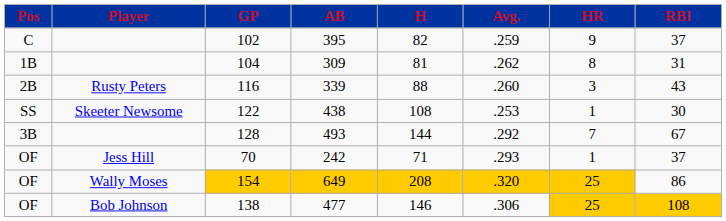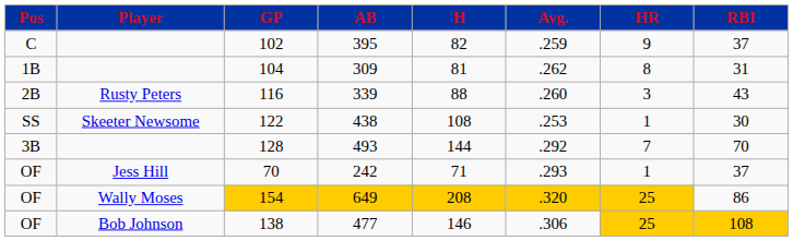 <table class="wikitable sortable">
 <tr>
 <th style="background:#0033A0;color:#C8102E;" width="5%">Pos</th>
 <th style="background:#0033A0;color:#C8102E;" width="16%">Player</th>
 <th style="background:#0033A0;color:#C8102E;" width="9%">GP</th>
 <th style="background:#0033A0;color:#C8102E;" width="9%">AB</th>
 <th style="background:#0033A0;color:#C8102E;" width="9%">H</th>
 <th style="background:#0033A0;color:#C8102E;" width="9%">Avg.</th>
 <th style="background:#0033A0;color:#C8102E;" width="9%">HR</th>
 <th style="background:#0033A0;color:#C8102E;" width="9%">RBI</th>
 </tr>
 <tr align="center">
 <td>C</td>
 <td></td>
 <td>102</td>
 <td>395</td>
 <td>82</td>
 <td>.259</td>
 <td>9</td>
 <td>37</td>
 </tr>
 <tr align="center">
 <td>1B</td>
 <td></td>
 <td>104</td>
 <td>309</td>
 <td>81</td>
 <td>.262</td>
 <td>8</td>
 <td>31</td>
 </tr>
 <tr align="center">
 <td>2B</td>
 <td><a href='#'>Rusty Peters</a></td>
 <td>116</td>
 <td>339</td>
 <td>88</td>
 <td>.260</td>
 <td>3</td>
 <td>43</td>
 </tr>
 <tr align=center>
 <td>SS</td>
 <td><a href='#'>Skeeter Newsome</a></td>
 <td>122</td>
 <td>438</td>
 <td>108</td>
 <td>.253</td>
 <td>1</td>
 <td>30</td>
 </tr>
 <tr align=center>
 <td>3B</td>
 <td></td>
 <td>128</td>
 <td>493</td>
 <td>144</td>
 <td>.292</td>
 <td>7</td>
-<td>67</td>
+<td>70</td>
 </tr>
 <tr align="center">
 <td>OF</td>
 <td><a href='#'>Jess Hill</a></td>
 <td>70</td>
 <td>242</td>
 <td>71</td>
 <td>.293</td>
 <td>1</td>
 <td>37</td>
 </tr>
 <tr align=center>
 <td>OF</td>
 <td><a href='#'>Wally Moses</a></td>
 <td style="background:#fc0;">154</td>
 <td style="background:#fc0;">649</td>
 <td style="background:#fc0;">208</td>
 <td style="background:#fc0;">.320</td>
 <td style="background:#fc0;">25</td>
 <td>86</td>
 </tr>
 <tr align=center>
 <td>OF</td>
 <td><a href='#'>Bob Johnson</a></td>
 <td>138</td>
 <td>477</td>
 <td>146</td>
 <td>.306</td>
 <td style="background:#fc0;">25</td>
 <td style="background:#fc0;">108</td>
 </tr>
 </table>
